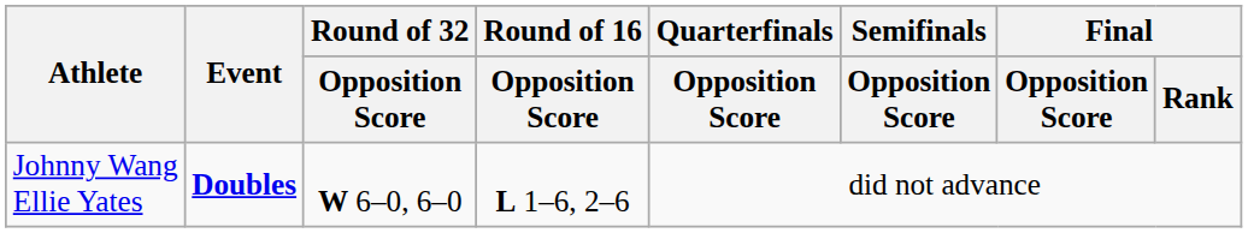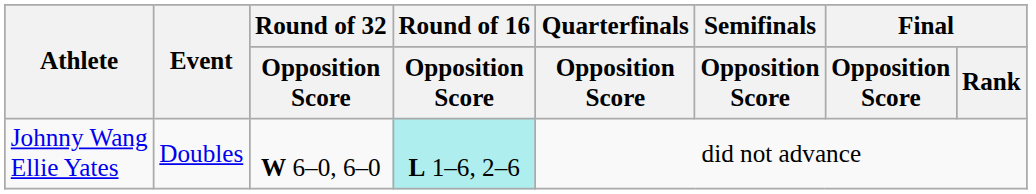 <table class="wikitable" border="1" style="font-size:90%">
 <tr>
 <th rowspan=2>Athlete</th>
 <th rowspan=2>Event</th>
 <th>Round of 32</th>
 <th>Round of 16</th>
 <th>Quarterfinals</th>
 <th>Semifinals</th>
 <th colspan=2>Final</th>
 </tr>
 <tr>
 <th>Opposition<br>Score</th>
 <th>Opposition<br>Score</th>
 <th>Opposition<br>Score</th>
 <th>Opposition<br>Score</th>
 <th>Opposition<br>Score</th>
 <th>Rank</th>
 </tr>
 <tr>
 <td><a href='#'>Johnny Wang</a> <br> <a href='#'>Ellie Yates</a></td>
-<td><strong><a href='#'>Doubles</a></strong></td>
+<td><a href='#'>Doubles</a></td>
 <td align=center><br><strong>W</strong> 6–0, 6–0</td>
-<td align=center><br><strong>L</strong> 1–6, 2–6</td>
+<td align=center style="background: paleturquoise;"><br><strong>L</strong> 1–6, 2–6</td>
 <td align=center colspan=4>did not advance</td>
 </tr>
 </table>
